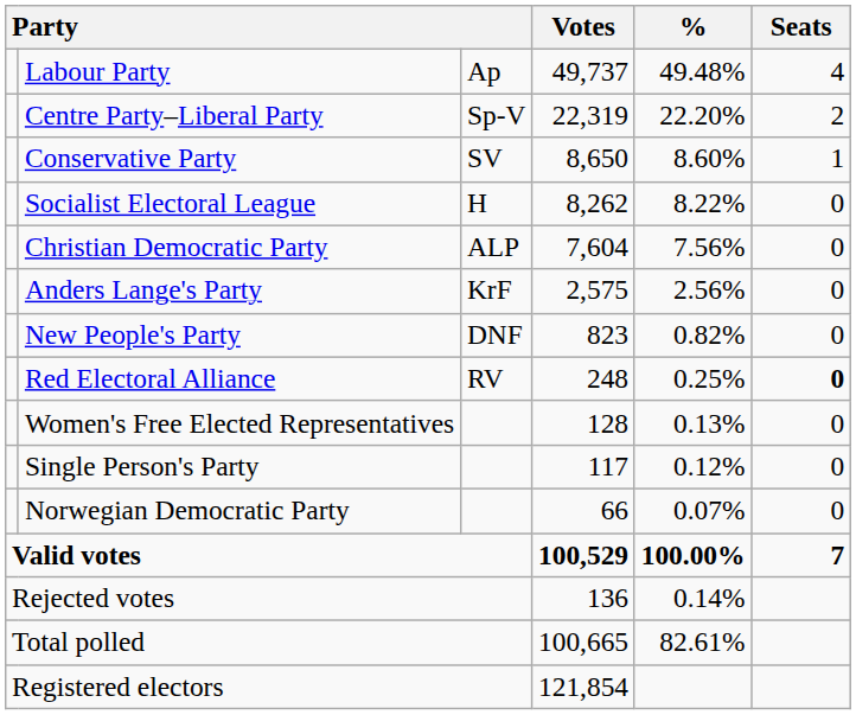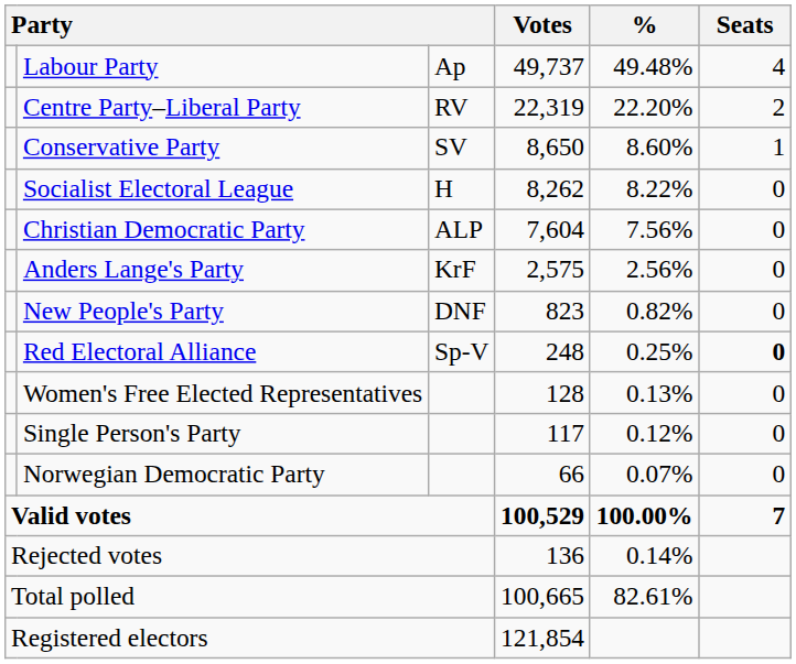 <table class="wikitable" border="1" style="text-align:right;">
 <tr>
 <th style="text-align:left;" colspan=3>Party</th>
 <th align=center width="50">Votes</th>
 <th align=center width="50">%</th>
 <th align=center width="50">Seats</th>
 </tr>
 <tr>
 <td style="color:inherit;background:"></td>
 <td align=left><a href='#'>Labour Party</a></td>
 <td align=left>Ap</td>
 <td>49,737</td>
 <td>49.48%</td>
 <td>4</td>
 </tr>
 <tr>
 <td></td>
 <td align=left><a href='#'>Centre Party</a>–<a href='#'>Liberal Party</a></td>
-<td align=left>Sp-V</td>
+<td align=left>RV</td>
 <td>22,319</td>
 <td>22.20%</td>
 <td>2</td>
 </tr>
 <tr>
 <td style="color:inherit;background:"></td>
 <td align=left><a href='#'>Conservative Party</a></td>
 <td align=left>SV</td>
 <td>8,650</td>
 <td>8.60%</td>
 <td>1</td>
 </tr>
 <tr>
 <td style="color:inherit;background:"></td>
 <td align=left><a href='#'>Socialist Electoral League</a></td>
 <td align=left>H</td>
 <td>8,262</td>
 <td>8.22%</td>
 <td>0</td>
 </tr>
 <tr>
 <td style="color:inherit;background:"></td>
 <td align=left><a href='#'>Christian Democratic Party</a></td>
 <td align=left>ALP</td>
 <td>7,604</td>
 <td>7.56%</td>
 <td>0</td>
 </tr>
 <tr>
 <td style="color:inherit;background:"></td>
 <td align=left><a href='#'>Anders Lange's Party</a></td>
 <td align=left>KrF</td>
 <td>2,575</td>
 <td>2.56%</td>
 <td>0</td>
 </tr>
 <tr>
 <td style="color:inherit;background:"></td>
 <td align=left><a href='#'>New People's Party</a></td>
 <td align=left>DNF</td>
 <td>823</td>
 <td>0.82%</td>
 <td>0</td>
 </tr>
 <tr>
 <td style="color:inherit;background:"></td>
 <td align=left><a href='#'>Red Electoral Alliance</a></td>
-<td align=left>RV</td>
+<td align=left>Sp-V</td>
 <td>248</td>
 <td>0.25%</td>
 <td><strong>0</strong></td>
 </tr>
 <tr>
 <td></td>
 <td align=left>Women's Free Elected Representatives</td>
 <td align=left></td>
 <td>128</td>
 <td>0.13%</td>
 <td>0</td>
 </tr>
 <tr>
 <td></td>
 <td align=left>Single Person's Party</td>
 <td align=left></td>
 <td>117</td>
 <td>0.12%</td>
 <td>0</td>
 </tr>
 <tr>
 <td></td>
 <td align=left>Norwegian Democratic Party</td>
 <td align=left></td>
 <td>66</td>
 <td>0.07%</td>
 <td>0</td>
 </tr>
 <tr style="font-weight:bold">
 <td align=left colspan=3>Valid votes</td>
 <td>100,529</td>
 <td>100.00%</td>
 <td>7</td>
 </tr>
 <tr>
 <td align=left colspan=3>Rejected votes</td>
 <td>136</td>
 <td>0.14%</td>
 <td></td>
 </tr>
 <tr>
 <td align=left colspan=3>Total polled</td>
 <td>100,665</td>
 <td>82.61%</td>
 <td></td>
 </tr>
 <tr>
 <td align=left colspan=3>Registered electors</td>
 <td>121,854</td>
 <td></td>
 <td></td>
 </tr>
 </table>
